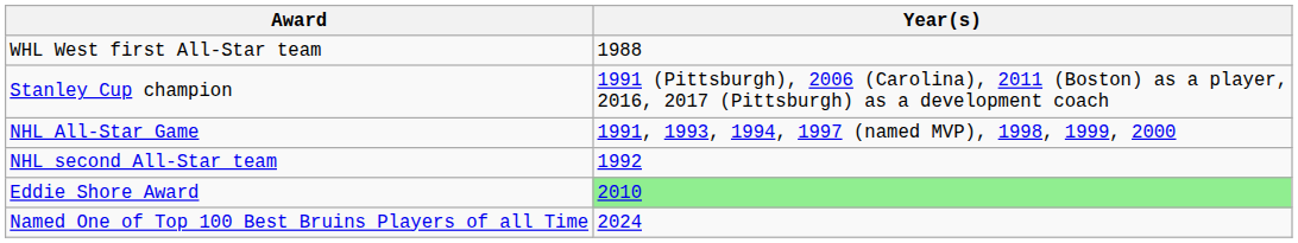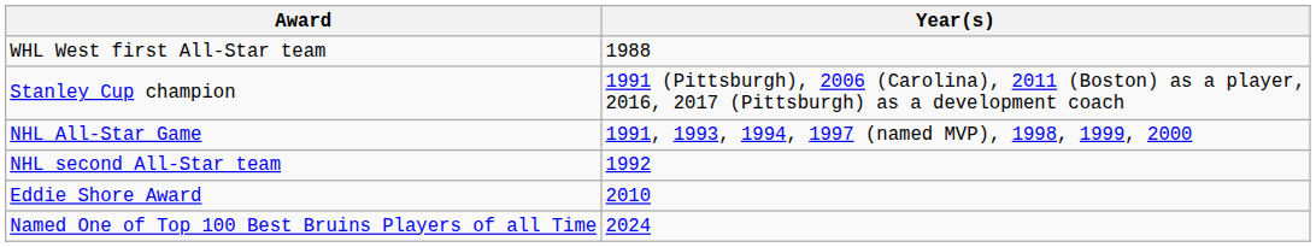 <table class="wikitable">
 <tr>
 <th>Award</th>
 <th>Year(s)</th>
 </tr>
 <tr>
 <td>WHL West first All-Star team</td>
 <td>1988</td>
 </tr>
 <tr>
 <td><a href='#'>Stanley Cup</a> champion</td>
 <td><a href='#'>1991</a> (Pittsburgh), <a href='#'>2006</a> (Carolina), <a href='#'>2011</a> (Boston) as a player,<br>2016, 2017 (Pittsburgh) as a development coach</td>
 </tr>
 <tr>
 <td><a href='#'>NHL All-Star Game</a></td>
 <td><a href='#'>1991</a>, <a href='#'>1993</a>, <a href='#'>1994</a>, <a href='#'>1997</a> (named MVP), <a href='#'>1998</a>, <a href='#'>1999</a>, <a href='#'>2000</a></td>
 </tr>
 <tr>
 <td><a href='#'>NHL second All-Star team</a></td>
 <td><a href='#'>1992</a></td>
 </tr>
 <tr>
 <td><a href='#'>Eddie Shore Award</a></td>
-<td style="background: lightgreen;"><a href='#'>2010</a></td>
+<td><a href='#'>2010</a></td>
 </tr>
 <tr>
 <td><a href='#'>Named One of Top 100 Best Bruins Players of all Time</a></td>
 <td><a href='#'>2024</a></td>
 </tr>
 </table>
